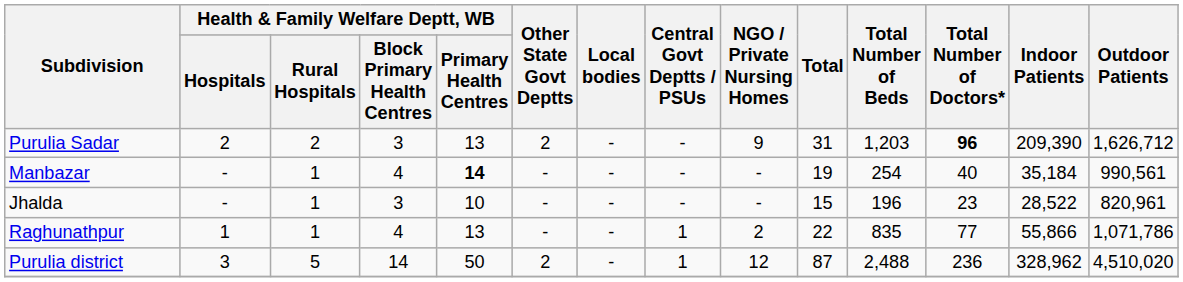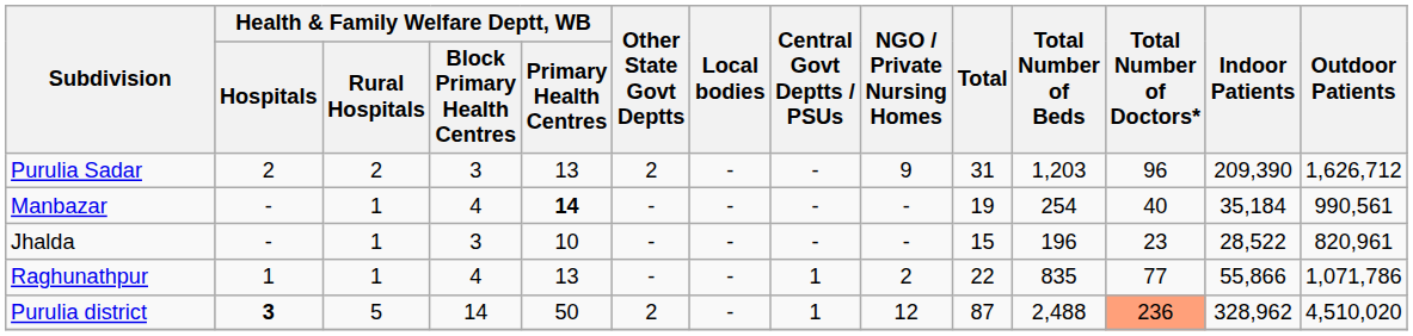 <table class="wikitable" style="text-align:center;font-size: 9pt">
 <tr>
 <th width="110" rowspan="2">Subdivision</th>
 <th width="160" colspan="4" rowspan="1">Health & Family Welfare Deptt, WB</th>
 <th widthspan="110" rowspan="2">Other<br>State<br>Govt<br>Deptts</th>
 <th widthspan="110" rowspan="2">Local<br>bodies</th>
 <th widthspan="110" rowspan="2">Central<br>Govt<br>Deptts /<br>PSUs</th>
 <th widthspan="110" rowspan="2">NGO /<br>Private<br>Nursing<br>Homes</th>
 <th widthspan="110" rowspan="2">Total</th>
 <th widthspan="110" rowspan="2">Total<br>Number<br>of<br>Beds</th>
 <th widthspan="110" rowspan="2">Total<br>Number<br>of<br>Doctors*</th>
 <th widthspan="130" rowspan="2">Indoor<br>Patients</th>
 <th widthspan="130" rowspan="2">Outdoor<br>Patients</th>
 </tr>
 <tr>
 <th width="40">Hospitals<br></th>
 <th width="40">Rural<br>Hospitals<br></th>
 <th width="40">Block<br>Primary<br>Health<br>Centres<br></th>
 <th width="40">Primary<br>Health<br>Centres<br></th>
 </tr>
 <tr>
 <td align=left><a href='#'>Purulia Sadar</a></td>
 <td align="center">2</td>
 <td align="center">2</td>
 <td align="center">3</td>
 <td align="center">13</td>
 <td align="center">2</td>
 <td align="center">-</td>
 <td align="center">-</td>
 <td align="center">9</td>
 <td align="center">31</td>
 <td align="center">1,203</td>
-<td align="center"><strong>96</strong></td>
+<td align="center">96</td>
 <td align="center">209,390</td>
 <td align="center">1,626,712</td>
 </tr>
 <tr>
 <td align=left><a href='#'>Manbazar</a></td>
 <td align="center">-</td>
 <td align="center">1</td>
 <td align="center">4</td>
 <td align="center"><strong>14</strong></td>
 <td align="center">-</td>
 <td align="center">-</td>
 <td align="center">-</td>
 <td align="center">-</td>
 <td align="center">19</td>
 <td align="center">254</td>
 <td align="center">40</td>
 <td align="center">35,184</td>
 <td align="center">990,561</td>
 </tr>
 <tr>
 <td align=left>Jhalda</td>
 <td align="center">-</td>
 <td align="center">1</td>
 <td align="center">3</td>
 <td align="center">10</td>
 <td align="center">-</td>
 <td align="center">-</td>
 <td align="center">-</td>
 <td align="center">-</td>
 <td align="center">15</td>
 <td align="center">196</td>
 <td align="center">23</td>
 <td align="center">28,522</td>
 <td align="center">820,961</td>
 </tr>
 <tr>
 <td align=left><a href='#'>Raghunathpur</a></td>
 <td align="center">1</td>
 <td align="center">1</td>
 <td align="center">4</td>
 <td align="center">13</td>
 <td align="center">-</td>
 <td align="center">-</td>
 <td align="center">1</td>
 <td align="center">2</td>
 <td align="center">22</td>
 <td align="center">835</td>
 <td align="center">77</td>
 <td align="center">55,866</td>
 <td align="center">1,071,786</td>
 </tr>
 <tr>
 <td align=left><a href='#'>Purulia district</a></td>
-<td align="center">3</td>
+<td align="center"><strong>3</strong></td>
 <td align="center">5</td>
 <td align="center">14</td>
 <td align="center">50</td>
 <td align="center">2</td>
 <td align="center">-</td>
 <td align="center">1</td>
 <td align="center">12</td>
 <td align="center">87</td>
 <td align="center">2,488</td>
-<td align="center">236</td>
+<td align="center" style="background: lightsalmon;">236</td>
 <td align="center">328,962</td>
 <td align="center">4,510,020</td>
 </tr>
 <tr>
 </tr>
 </table>
